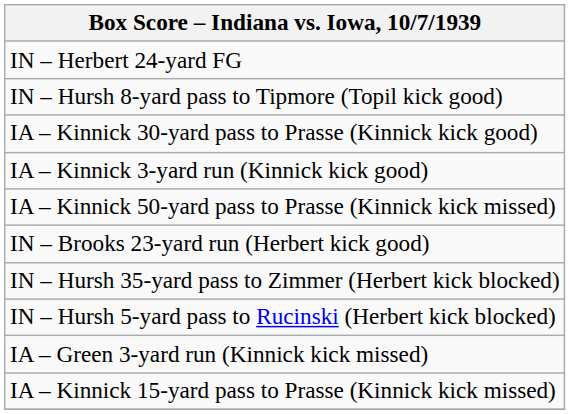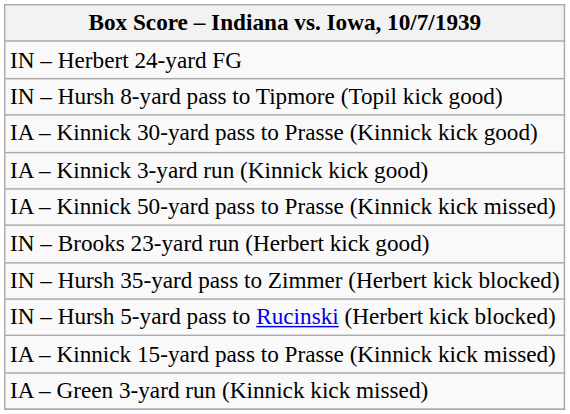 <table class="wikitable">
 <tr>
 <th>Box Score – Indiana vs. Iowa, 10/7/1939</th>
 </tr>
 <tr>
 <td>IN – Herbert 24-yard FG</td>
 </tr>
 <tr>
 <td>IN – Hursh 8-yard pass to Tipmore (Topil kick good)</td>
 </tr>
 <tr>
 <td>IA – Kinnick 30-yard pass to Prasse (Kinnick kick good)</td>
 </tr>
 <tr>
 <td>IA – Kinnick 3-yard run (Kinnick kick good)</td>
 </tr>
 <tr>
 <td>IA – Kinnick 50-yard pass to Prasse (Kinnick kick missed)</td>
 </tr>
 <tr>
 <td>IN – Brooks 23-yard run (Herbert kick good)</td>
 </tr>
 <tr>
 <td>IN – Hursh 35-yard pass to Zimmer (Herbert kick blocked)</td>
 </tr>
 <tr>
 <td>IN – Hursh 5-yard pass to <a href='#'>Rucinski</a> (Herbert kick blocked)</td>
 </tr>
 <tr>
-<td>IA – Green 3-yard run (Kinnick kick missed)</td>
+<td>IA – Kinnick 15-yard pass to Prasse (Kinnick kick missed)</td>
 </tr>
 <tr>
-<td>IA – Kinnick 15-yard pass to Prasse (Kinnick kick missed)</td>
+<td>IA – Green 3-yard run (Kinnick kick missed)</td>
 </tr>
 <tr>
 </tr>
 </table>
